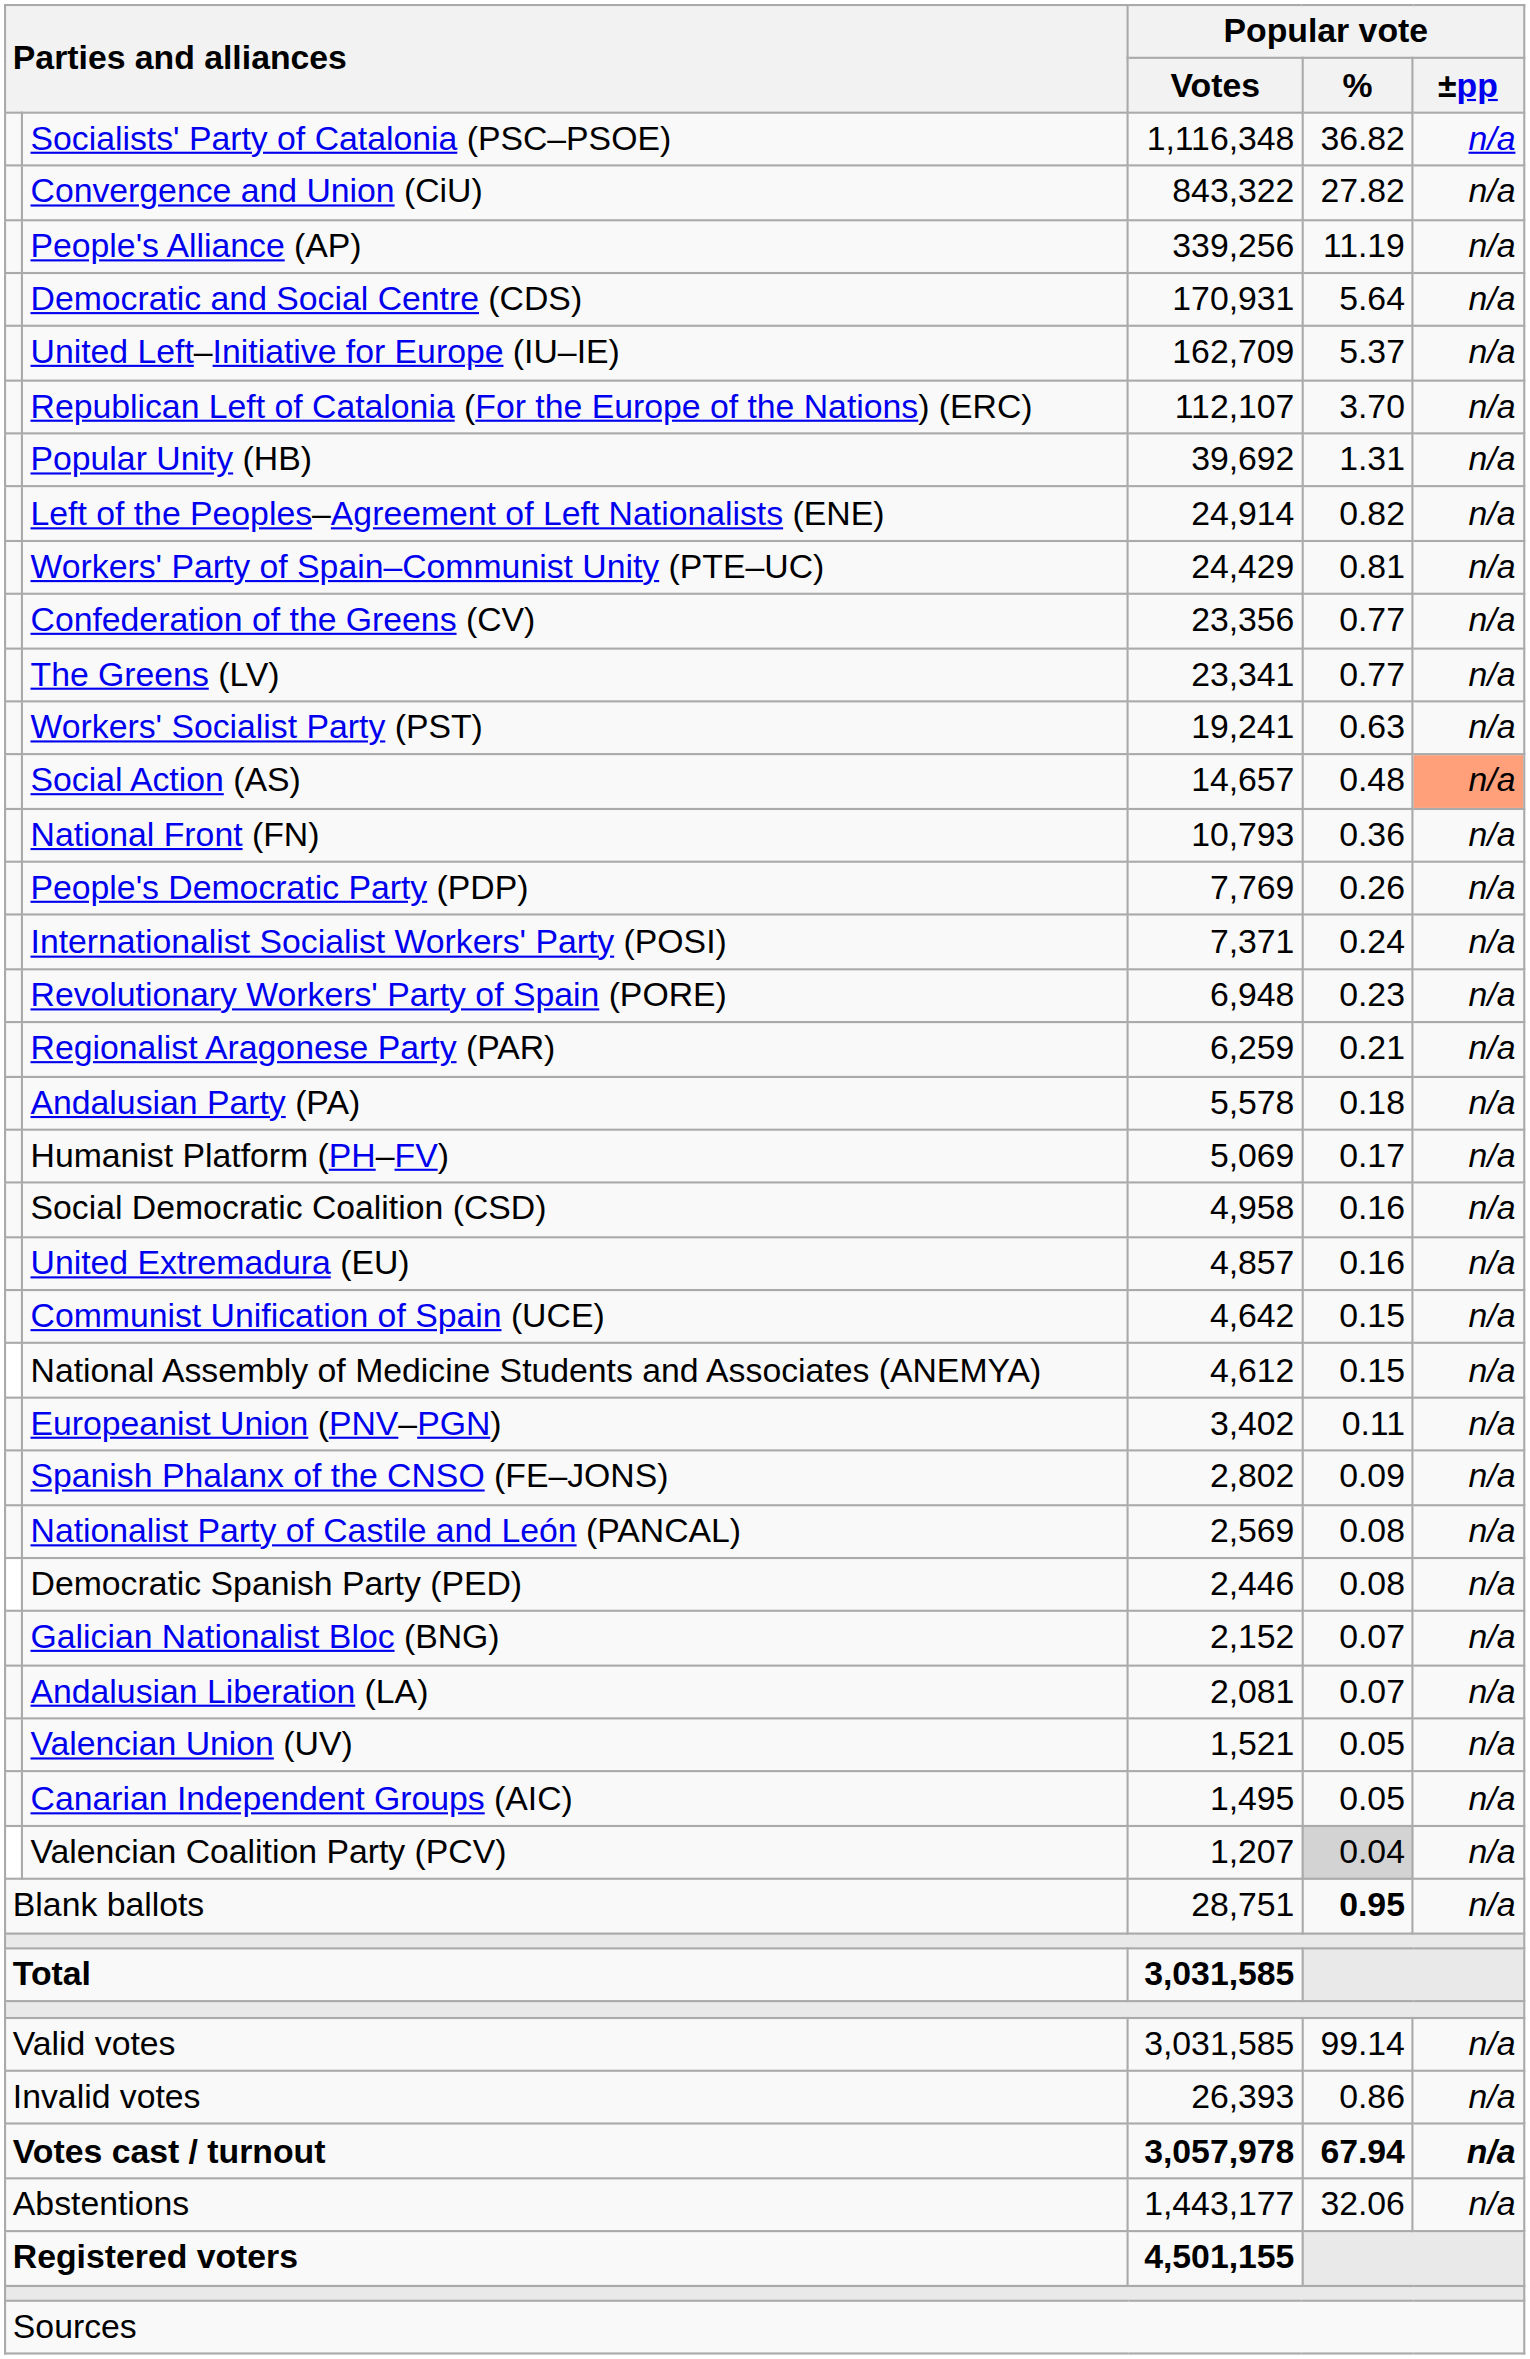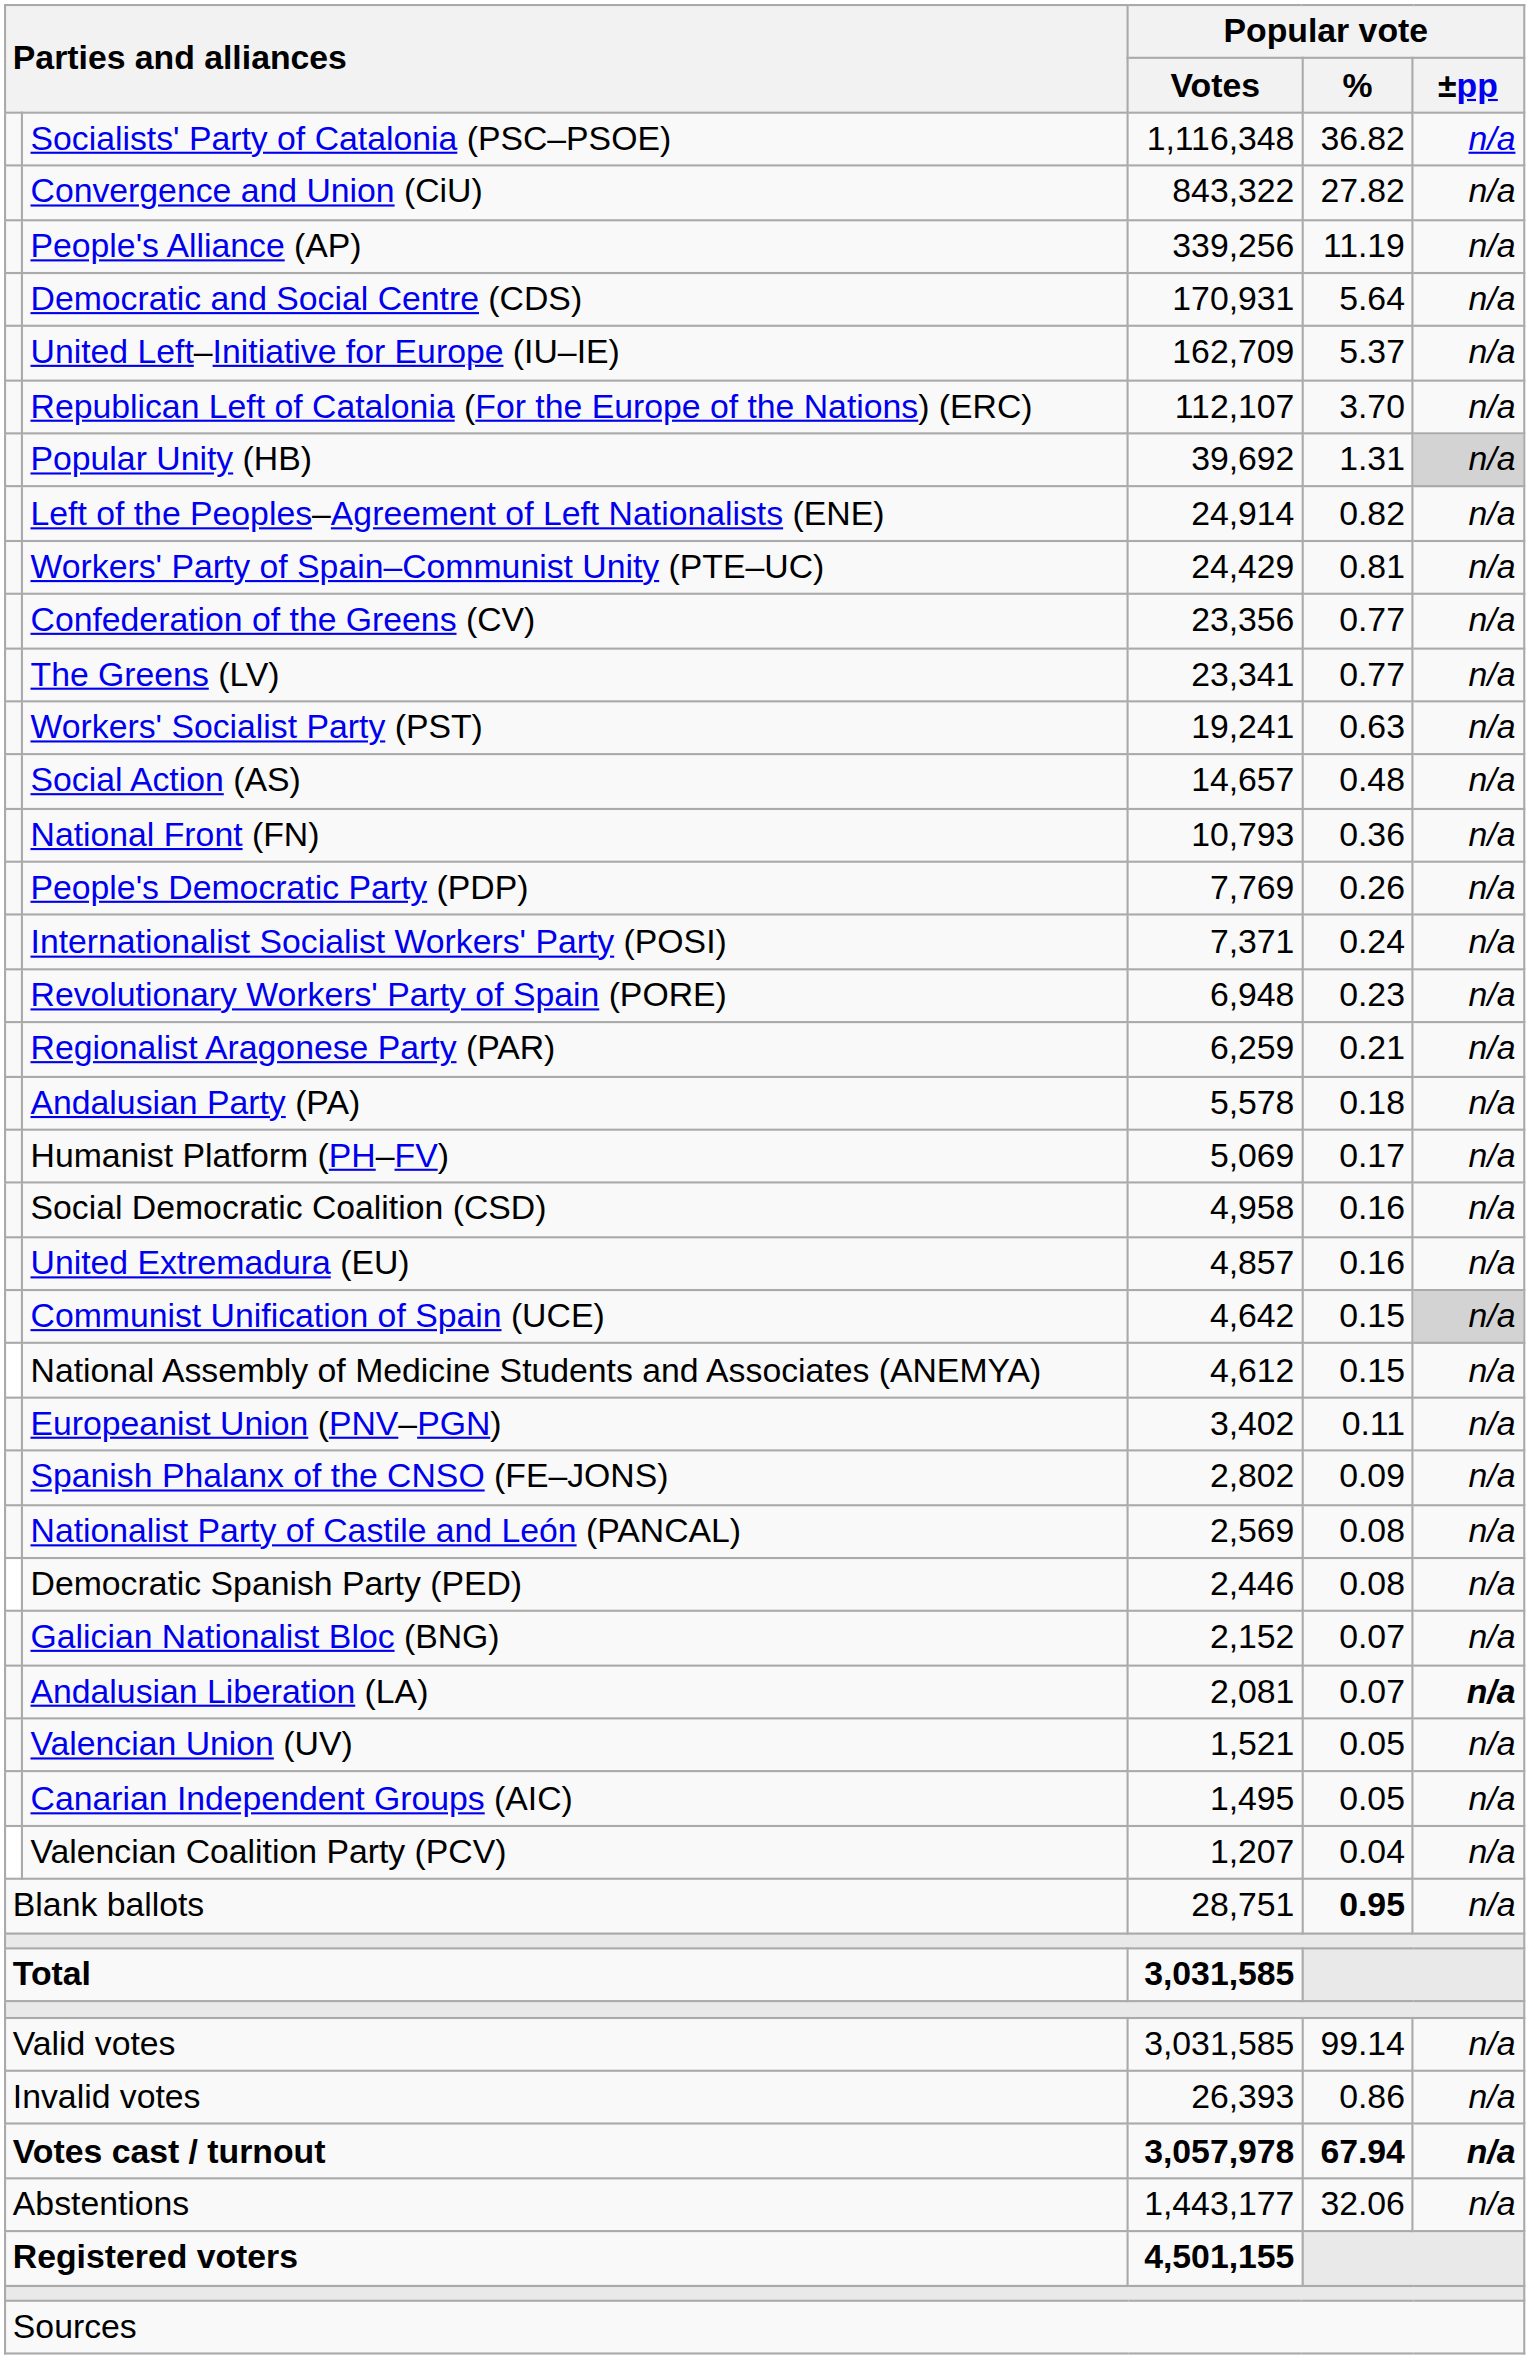 <table class="wikitable" style="text-align:right">
 <tr>
 <th style="text-align:left;" rowspan="2" colspan="2" width="525">Parties and alliances</th>
 <th colspan="3">Popular vote</th>
 </tr>
 <tr>
 <th width="75">Votes</th>
 <th width="45">%</th>
 <th width="45">±<a href='#'>pp</a></th>
 </tr>
 <tr>
 <td width="1" style="color:inherit;background:"></td>
 <td align="left"><a href='#'>Socialists' Party of Catalonia</a> (PSC–PSOE)</td>
 <td>1,116,348</td>
 <td>36.82</td>
 <td><em><a href='#'>n/a</a></em></td>
 </tr>
 <tr>
 <td style="color:inherit;background:"></td>
 <td align="left"><a href='#'>Convergence and Union</a> (CiU)</td>
 <td>843,322</td>
 <td>27.82</td>
 <td><em>n/a</em></td>
 </tr>
 <tr>
 <td style="color:inherit;background:"></td>
 <td align="left"><a href='#'>People's Alliance</a> (AP)</td>
 <td>339,256</td>
 <td>11.19</td>
 <td><em>n/a</em></td>
 </tr>
 <tr>
 <td style="color:inherit;background:"></td>
 <td align="left"><a href='#'>Democratic and Social Centre</a> (CDS)</td>
 <td>170,931</td>
 <td>5.64</td>
 <td><em>n/a</em></td>
 </tr>
 <tr>
 <td style="color:inherit;background:"></td>
 <td align="left"><a href='#'>United Left</a>–<a href='#'>Initiative for Europe</a> (IU–IE)</td>
 <td>162,709</td>
 <td>5.37</td>
 <td><em>n/a</em></td>
 </tr>
 <tr>
 <td style="color:inherit;background:"></td>
 <td align="left"><a href='#'>Republican Left of Catalonia</a> (<a href='#'>For the Europe of the Nations</a>) (ERC)</td>
 <td>112,107</td>
 <td>3.70</td>
 <td><em>n/a</em></td>
 </tr>
 <tr>
 <td style="color:inherit;background:"></td>
 <td align="left"><a href='#'>Popular Unity</a> (HB)</td>
 <td>39,692</td>
 <td>1.31</td>
-<td><em>n/a</em></td>
+<td style="background: lightgrey;"><em>n/a</em></td>
 </tr>
 <tr>
 <td style="color:inherit;background:"></td>
 <td align="left"><a href='#'>Left of the Peoples</a>–<a href='#'>Agreement of Left Nationalists</a> (ENE)</td>
 <td>24,914</td>
 <td>0.82</td>
 <td><em>n/a</em></td>
 </tr>
 <tr>
 <td style="color:inherit;background:"></td>
 <td align="left"><a href='#'>Workers' Party of Spain–Communist Unity</a> (PTE–UC)</td>
 <td>24,429</td>
 <td>0.81</td>
 <td><em>n/a</em></td>
 </tr>
 <tr>
 <td style="color:inherit;background:"></td>
 <td align="left"><a href='#'>Confederation of the Greens</a> (CV)</td>
 <td>23,356</td>
 <td>0.77</td>
 <td><em>n/a</em></td>
 </tr>
 <tr>
 <td style="color:inherit;background:"></td>
 <td align="left"><a href='#'>The Greens</a> (LV)</td>
 <td>23,341</td>
 <td>0.77</td>
 <td><em>n/a</em></td>
 </tr>
 <tr>
 <td style="color:inherit;background:"></td>
 <td align="left"><a href='#'>Workers' Socialist Party</a> (PST)</td>
 <td>19,241</td>
 <td>0.63</td>
 <td><em>n/a</em></td>
 </tr>
 <tr>
 <td style="color:inherit;background:"></td>
 <td align="left"><a href='#'>Social Action</a> (AS)</td>
 <td>14,657</td>
 <td>0.48</td>
-<td style="background: lightsalmon;"><em>n/a</em></td>
+<td><em>n/a</em></td>
 </tr>
 <tr>
 <td style="color:inherit;background:"></td>
 <td align="left"><a href='#'>National Front</a> (FN)</td>
 <td>10,793</td>
 <td>0.36</td>
 <td><em>n/a</em></td>
 </tr>
 <tr>
 <td style="color:inherit;background:"></td>
 <td align="left"><a href='#'>People's Democratic Party</a> (PDP)</td>
 <td>7,769</td>
 <td>0.26</td>
 <td><em>n/a</em></td>
 </tr>
 <tr>
 <td style="color:inherit;background:"></td>
 <td align="left"><a href='#'>Internationalist Socialist Workers' Party</a> (POSI)</td>
 <td>7,371</td>
 <td>0.24</td>
 <td><em>n/a</em></td>
 </tr>
 <tr>
 <td style="color:inherit;background:"></td>
 <td align="left"><a href='#'>Revolutionary Workers' Party of Spain</a> (PORE)</td>
 <td>6,948</td>
 <td>0.23</td>
 <td><em>n/a</em></td>
 </tr>
 <tr>
 <td style="color:inherit;background:"></td>
 <td align="left"><a href='#'>Regionalist Aragonese Party</a> (PAR)</td>
 <td>6,259</td>
 <td>0.21</td>
 <td><em>n/a</em></td>
 </tr>
 <tr>
 <td style="color:inherit;background:"></td>
 <td align="left"><a href='#'>Andalusian Party</a> (PA)</td>
 <td>5,578</td>
 <td>0.18</td>
 <td><em>n/a</em></td>
 </tr>
 <tr>
 <td style="color:inherit;background:"></td>
 <td align="left">Humanist Platform (<a href='#'>PH</a>–<a href='#'>FV</a>)</td>
 <td>5,069</td>
 <td>0.17</td>
 <td><em>n/a</em></td>
 </tr>
 <tr>
 <td style="color:inherit;background:"></td>
 <td align="left">Social Democratic Coalition (CSD)</td>
 <td>4,958</td>
 <td>0.16</td>
 <td><em>n/a</em></td>
 </tr>
 <tr>
 <td style="color:inherit;background:"></td>
 <td align="left"><a href='#'>United Extremadura</a> (EU)</td>
 <td>4,857</td>
 <td>0.16</td>
 <td><em>n/a</em></td>
 </tr>
 <tr>
 <td style="color:inherit;background:"></td>
 <td align="left"><a href='#'>Communist Unification of Spain</a> (UCE)</td>
 <td>4,642</td>
 <td>0.15</td>
-<td><em>n/a</em></td>
+<td style="background: lightgrey;"><em>n/a</em></td>
 </tr>
 <tr>
 <td bgcolor="white"></td>
 <td align="left">National Assembly of Medicine Students and Associates (ANEMYA)</td>
 <td>4,612</td>
 <td>0.15</td>
 <td><em>n/a</em></td>
 </tr>
 <tr>
 <td style="color:inherit;background:"></td>
 <td align="left"><a href='#'>Europeanist Union</a> (<a href='#'>PNV</a>–<a href='#'>PGN</a>)</td>
 <td>3,402</td>
 <td>0.11</td>
 <td><em>n/a</em></td>
 </tr>
 <tr>
 <td style="color:inherit;background:"></td>
 <td align="left"><a href='#'>Spanish Phalanx of the CNSO</a> (FE–JONS)</td>
 <td>2,802</td>
 <td>0.09</td>
 <td><em>n/a</em></td>
 </tr>
 <tr>
 <td style="color:inherit;background:"></td>
 <td align="left"><a href='#'>Nationalist Party of Castile and León</a> (PANCAL)</td>
 <td>2,569</td>
 <td>0.08</td>
 <td><em>n/a</em></td>
 </tr>
 <tr>
 <td bgcolor="white"></td>
 <td align="left">Democratic Spanish Party (PED)</td>
 <td>2,446</td>
 <td>0.08</td>
 <td><em>n/a</em></td>
 </tr>
 <tr>
 <td style="color:inherit;background:"></td>
 <td align="left"><a href='#'>Galician Nationalist Bloc</a> (BNG)</td>
 <td>2,152</td>
 <td>0.07</td>
 <td><em>n/a</em></td>
 </tr>
 <tr>
 <td style="color:inherit;background:"></td>
 <td align="left"><a href='#'>Andalusian Liberation</a> (LA)</td>
 <td>2,081</td>
 <td>0.07</td>
-<td><em>n/a</em></td>
+<td><strong><em>n/a</em></strong></td>
 </tr>
 <tr>
 <td style="color:inherit;background:"></td>
 <td align="left"><a href='#'>Valencian Union</a> (UV)</td>
 <td>1,521</td>
 <td>0.05</td>
 <td><em>n/a</em></td>
 </tr>
 <tr>
 <td style="color:inherit;background:"></td>
 <td align="left"><a href='#'>Canarian Independent Groups</a> (AIC)</td>
 <td>1,495</td>
 <td>0.05</td>
 <td><em>n/a</em></td>
 </tr>
 <tr>
 <td bgcolor="white"></td>
 <td align="left">Valencian Coalition Party (PCV)</td>
 <td>1,207</td>
-<td style="background: lightgrey;">0.04</td>
+<td>0.04</td>
 <td><em>n/a</em></td>
 </tr>
 <tr>
 <td align="left" colspan="2">Blank ballots</td>
 <td>28,751</td>
 <td><strong>0.95</strong></td>
 <td><em>n/a</em></td>
 </tr>
 <tr>
 <td colspan="5" bgcolor="#E9E9E9"></td>
 </tr>
 <tr style="font-weight:bold;">
 <td align="left" colspan="2">Total</td>
 <td>3,031,585</td>
 <td bgcolor="#E9E9E9" colspan="2"></td>
 </tr>
 <tr>
 <td colspan="5" bgcolor="#E9E9E9"></td>
 </tr>
 <tr>
 <td align="left" colspan="2">Valid votes</td>
 <td>3,031,585</td>
 <td>99.14</td>
 <td><em>n/a</em></td>
 </tr>
 <tr>
 <td align="left" colspan="2">Invalid votes</td>
 <td>26,393</td>
 <td>0.86</td>
 <td><em>n/a</em></td>
 </tr>
 <tr style="font-weight:bold;">
 <td align="left" colspan="2">Votes cast / turnout</td>
 <td>3,057,978</td>
 <td>67.94</td>
 <td><em>n/a</em></td>
 </tr>
 <tr>
 <td align="left" colspan="2">Abstentions</td>
 <td>1,443,177</td>
 <td>32.06</td>
 <td><em>n/a</em></td>
 </tr>
 <tr style="font-weight:bold;">
 <td align="left" colspan="2">Registered voters</td>
 <td>4,501,155</td>
 <td bgcolor="#E9E9E9" colspan="2"></td>
 </tr>
 <tr>
 <td colspan="5" bgcolor="#E9E9E9"></td>
 </tr>
 <tr>
 <td align="left" colspan="5">Sources</td>
 </tr>
 </table>
